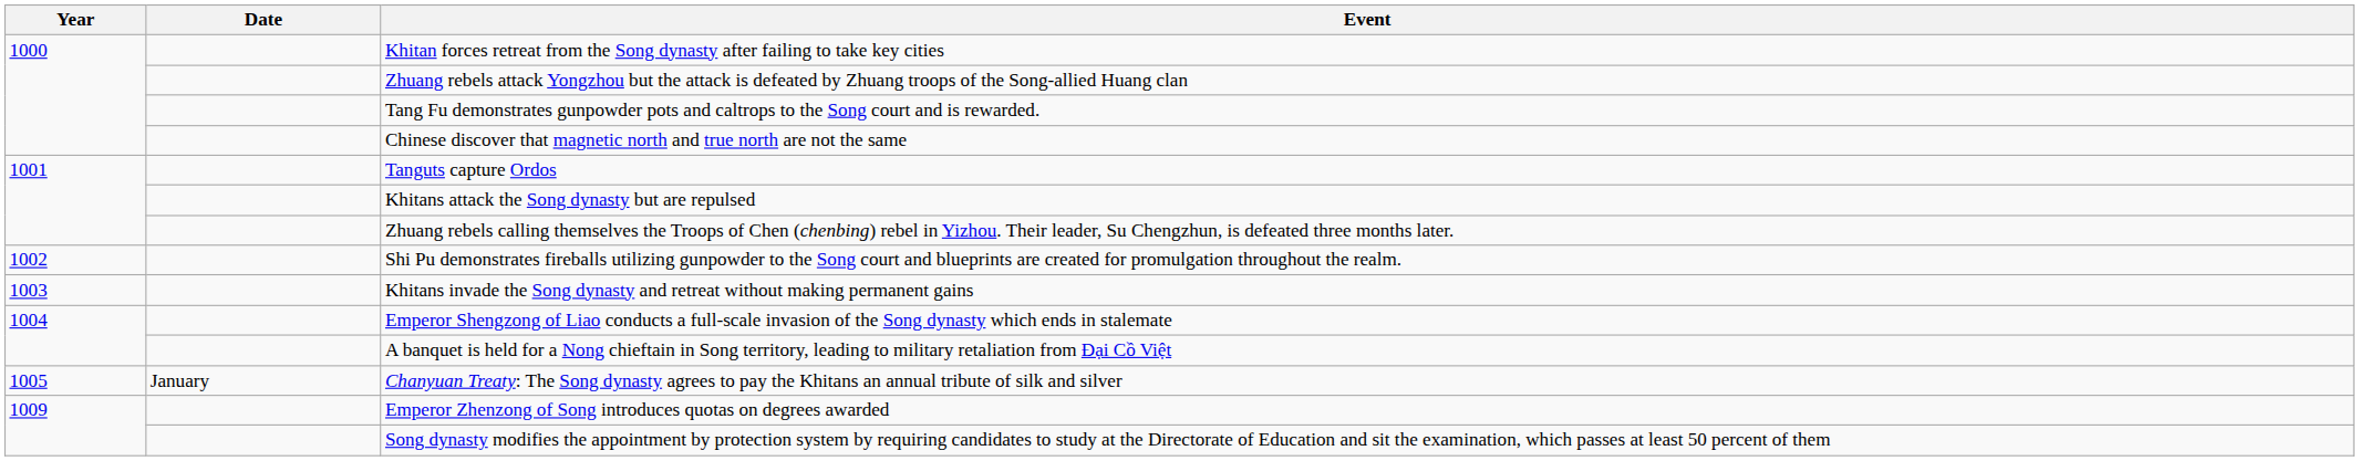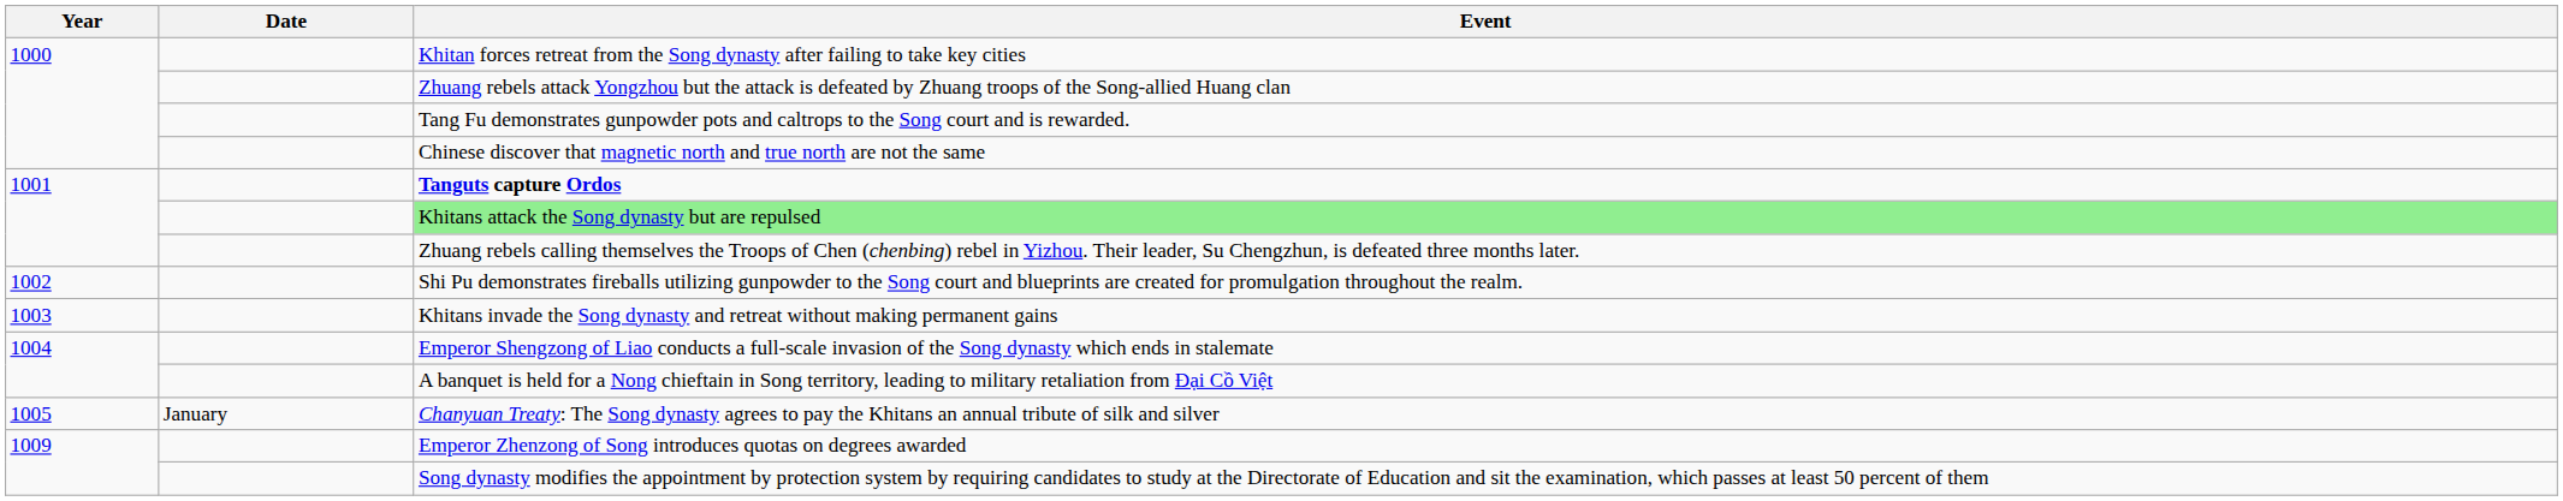 <table class="wikitable" width="100%">
 <tr>
 <th style="width:6%">Year</th>
 <th style="width:10%">Date</th>
 <th>Event</th>
 </tr>
 <tr>
 <td rowspan="4" valign="top"><a href='#'>1000</a></td>
 <td></td>
 <td><a href='#'>Khitan</a> forces retreat from the <a href='#'>Song dynasty</a> after failing to take key cities</td>
 </tr>
 <tr>
 <td></td>
 <td><a href='#'>Zhuang</a> rebels attack <a href='#'>Yongzhou</a> but the attack is defeated by Zhuang troops of the Song-allied Huang clan</td>
 </tr>
 <tr>
 <td></td>
 <td>Tang Fu demonstrates gunpowder pots and caltrops to the <a href='#'>                              Song</a> court and is rewarded.</td>
 </tr>
 <tr>
 <td></td>
 <td>Chinese discover that <a href='#'>magnetic north</a> and <a href='#'>true north</a> are not the same</td>
 </tr>
 <tr>
 <td rowspan="3" valign="top"><a href='#'>1001</a></td>
 <td></td>
-<td><a href='#'>Tanguts</a> capture <a href='#'>Ordos</a></td>
+<td><strong><a href='#'>Tanguts</a> capture <a href='#'>Ordos</a></strong></td>
 </tr>
 <tr>
 <td></td>
-<td>Khitans attack the <a href='#'>Song dynasty</a> but are repulsed</td>
+<td style="background: lightgreen;">Khitans attack the <a href='#'>Song dynasty</a> but are repulsed</td>
 </tr>
 <tr>
 <td></td>
 <td>Zhuang rebels calling themselves the Troops of Chen (<em>chenbing</em>) rebel in <a href='#'>Yizhou</a>. Their leader, Su Chengzhun, is defeated three months later.</td>
 </tr>
 <tr>
 <td><a href='#'>1002</a></td>
 <td></td>
 <td>Shi Pu demonstrates fireballs utilizing gunpowder to the <a href='#'>Song</a> court and blueprints are created for promulgation throughout the realm.</td>
 </tr>
 <tr>
 <td><a href='#'>1003</a></td>
 <td></td>
 <td>Khitans invade the <a href='#'>Song dynasty</a> and retreat without making permanent gains</td>
 </tr>
 <tr>
 <td rowspan="2" valign="top"><a href='#'>1004</a></td>
 <td></td>
 <td><a href='#'>Emperor Shengzong of Liao</a> conducts a full-scale invasion of the <a href='#'>Song dynasty</a> which ends in stalemate</td>
 </tr>
 <tr>
 <td></td>
 <td>A banquet is held for a <a href='#'>Nong</a> chieftain in Song territory, leading to military retaliation from <a href='#'>Đại Cồ Việt</a></td>
 </tr>
 <tr>
 <td><a href='#'>1005</a></td>
 <td>January</td>
 <td><em><a href='#'>Chanyuan Treaty</a></em>: The <a href='#'>Song dynasty</a> agrees to pay the Khitans an annual tribute of silk and silver</td>
 </tr>
 <tr>
 <td rowspan="2" valign="top"><a href='#'>1009</a></td>
 <td></td>
 <td><a href='#'>Emperor Zhenzong of Song</a> introduces quotas on degrees awarded</td>
 </tr>
 <tr>
 <td></td>
 <td><a href='#'>Song dynasty</a> modifies the appointment by protection system by requiring candidates to study at the Directorate of Education and sit the examination, which passes at least 50 percent of them</td>
 </tr>
 </table>
